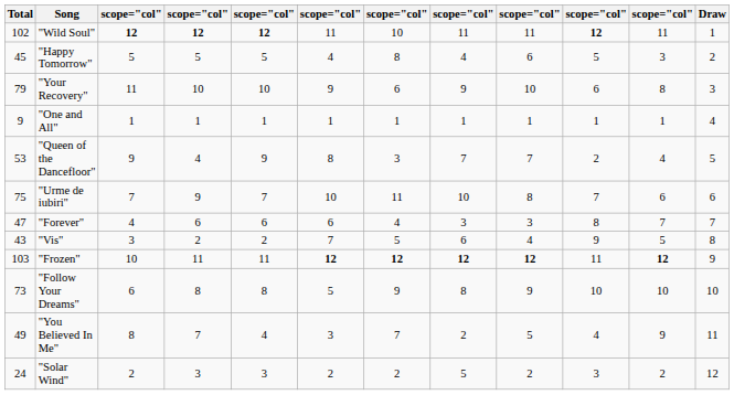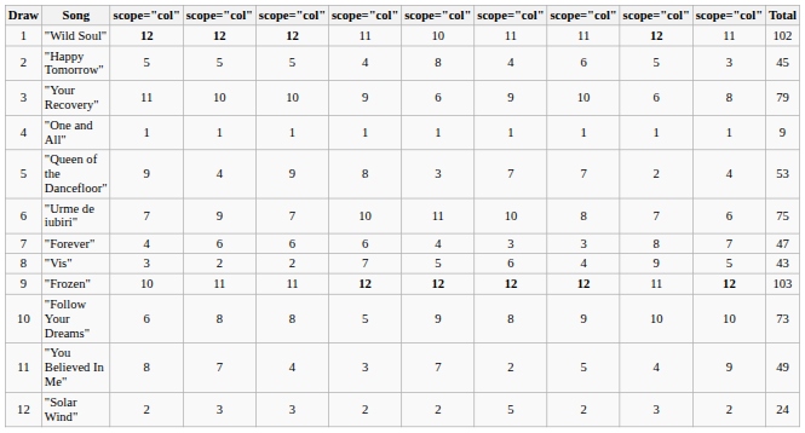 <table class="wikitable collapsible" style="margin: 1em auto 1em auto; text-align:center;">
 <tr>
-<th>Total</th>
+<th>Draw</th>
 <th>Song</th>
 <th>scope="col" </th>
 <th>scope="col" </th>
 <th>scope="col" </th>
 <th>scope="col" </th>
 <th>scope="col" </th>
 <th>scope="col" </th>
 <th>scope="col" </th>
 <th>scope="col" </th>
 <th>scope="col" </th>
-<th>Draw</th>
+<th>Total</th>
 </tr>
 <tr>
-<td>102</td>
+<td>1</td>
 <td align="left">"Wild Soul"</td>
 <td><strong>12</strong></td>
 <td><strong>12</strong></td>
 <td><strong>12</strong></td>
 <td>11</td>
 <td>10</td>
 <td>11</td>
 <td>11</td>
 <td><strong>12</strong></td>
 <td>11</td>
-<td>1</td>
+<td>102</td>
 </tr>
 <tr>
-<td>45</td>
+<td>2</td>
 <td align="left">"Happy Tomorrow"</td>
 <td>5</td>
 <td>5</td>
 <td>5</td>
 <td>4</td>
 <td>8</td>
 <td>4</td>
 <td>6</td>
 <td>5</td>
 <td>3</td>
-<td>2</td>
+<td>45</td>
 </tr>
 <tr>
-<td>79</td>
+<td>3</td>
 <td align="left">"Your Recovery"</td>
 <td>11</td>
 <td>10</td>
 <td>10</td>
 <td>9</td>
 <td>6</td>
 <td>9</td>
 <td>10</td>
 <td>6</td>
 <td>8</td>
-<td>3</td>
+<td>79</td>
 </tr>
 <tr>
-<td>9</td>
+<td>4</td>
 <td align="left">"One and All"</td>
 <td>1</td>
 <td>1</td>
 <td>1</td>
 <td>1</td>
 <td>1</td>
 <td>1</td>
 <td>1</td>
 <td>1</td>
 <td>1</td>
-<td>4</td>
+<td>9</td>
 </tr>
 <tr>
-<td>53</td>
+<td>5</td>
 <td align="left">"Queen of the Dancefloor"</td>
 <td>9</td>
 <td>4</td>
 <td>9</td>
 <td>8</td>
 <td>3</td>
 <td>7</td>
 <td>7</td>
 <td>2</td>
 <td>4</td>
-<td>5</td>
+<td>53</td>
 </tr>
 <tr>
-<td>75</td>
+<td>6</td>
 <td align="left">"Urme de iubiri"</td>
 <td>7</td>
 <td>9</td>
 <td>7</td>
 <td>10</td>
 <td>11</td>
 <td>10</td>
 <td>8</td>
 <td>7</td>
 <td>6</td>
-<td>6</td>
+<td>75</td>
 </tr>
 <tr>
-<td>47</td>
+<td>7</td>
 <td align="left">"Forever"</td>
 <td>4</td>
 <td>6</td>
 <td>6</td>
 <td>6</td>
 <td>4</td>
 <td>3</td>
 <td>3</td>
 <td>8</td>
 <td>7</td>
-<td>7</td>
+<td>47</td>
 </tr>
 <tr>
-<td>43</td>
+<td>8</td>
 <td align="left">"Vis"</td>
 <td>3</td>
 <td>2</td>
 <td>2</td>
 <td>7</td>
 <td>5</td>
 <td>6</td>
 <td>4</td>
 <td>9</td>
 <td>5</td>
-<td>8</td>
+<td>43</td>
 </tr>
 <tr>
-<td>103</td>
+<td>9</td>
 <td align="left">"Frozen"</td>
 <td>10</td>
 <td>11</td>
 <td>11</td>
 <td><strong>12</strong></td>
 <td><strong>12</strong></td>
 <td><strong>12</strong></td>
 <td><strong>12</strong></td>
 <td>11</td>
 <td><strong>12</strong></td>
-<td>9</td>
+<td>103</td>
 </tr>
 <tr>
-<td>73</td>
+<td>10</td>
 <td align="left">"Follow Your Dreams"</td>
 <td>6</td>
 <td>8</td>
 <td>8</td>
 <td>5</td>
 <td>9</td>
 <td>8</td>
 <td>9</td>
 <td>10</td>
 <td>10</td>
-<td>10</td>
+<td>73</td>
 </tr>
 <tr>
-<td>49</td>
+<td>11</td>
 <td align="left">"You Believed In Me"</td>
 <td>8</td>
 <td>7</td>
 <td>4</td>
 <td>3</td>
 <td>7</td>
 <td>2</td>
 <td>5</td>
 <td>4</td>
 <td>9</td>
-<td>11</td>
+<td>49</td>
 </tr>
 <tr>
-<td>24</td>
+<td>12</td>
 <td align="left">"Solar Wind"</td>
 <td>2</td>
 <td>3</td>
 <td>3</td>
 <td>2</td>
 <td>2</td>
 <td>5</td>
 <td>2</td>
 <td>3</td>
 <td>2</td>
-<td>12</td>
+<td>24</td>
 </tr>
 </table>
